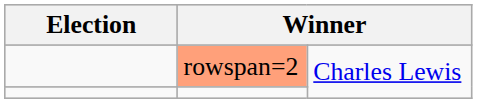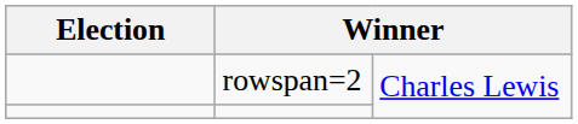 <table class=wikitable>
 <tr>
 <th width=100>Election</th>
 <th width=175 colspan=2>Winner</th>
 </tr>
 <tr>
 <td></td>
-<td style="background: lightsalmon;">rowspan=2 </td>
+<td>rowspan=2 </td>
 <td rowspan=2><a href='#'>Charles Lewis</a></td>
 </tr>
 <tr>
 <td></td>
 </tr>
 </table>
